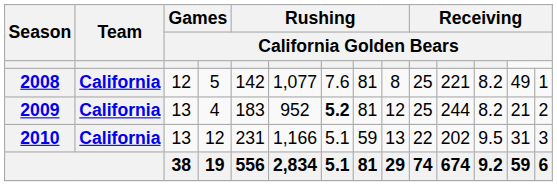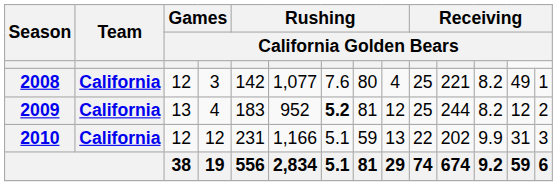 <table class="wikitable" style="text-align:center;">
 <tr>
 <th rowspan="2">Season</th>
 <th rowspan="2">Team</th>
 <th colspan="2">Games</th>
 <th colspan="5">Rushing</th>
 <th colspan="5">Receiving</th>
 </tr>
 <tr>
 <th colspan="16">California Golden Bears</th>
 </tr>
 <tr>
 <th></th>
 <th></th>
 <th></th>
 <th></th>
 <th></th>
 <th></th>
 <th></th>
 <th></th>
 <th></th>
 <th></th>
 <th></th>
 <th></th>
 </tr>
 <tr>
 <th><a href='#'>2008</a></th>
 <th><a href='#'>California</a></th>
 <td>12</td>
-<td>5</td>
+<td>3</td>
 <td>142</td>
 <td>1,077</td>
 <td>7.6</td>
-<td>81</td>
-<td>8</td>
+<td>80</td>
+<td>4</td>
 <td>25</td>
 <td>221</td>
 <td>8.2</td>
 <td>49</td>
 <td>1</td>
 </tr>
 <tr>
 <th><a href='#'>2009</a></th>
 <th><a href='#'>California</a></th>
 <td>13</td>
 <td>4</td>
 <td>183</td>
 <td>952</td>
 <td><strong>5.2</strong></td>
 <td>81</td>
 <td>12</td>
 <td>25</td>
 <td>244</td>
 <td>8.2</td>
-<td>21</td>
+<td>12</td>
 <td>2</td>
 </tr>
 <tr>
 <th><a href='#'>2010</a></th>
 <th><a href='#'>California</a></th>
-<td>13</td>
+<td>12</td>
 <td>12</td>
 <td>231</td>
 <td>1,166</td>
 <td>5.1</td>
 <td>59</td>
 <td>13</td>
 <td>22</td>
 <td>202</td>
-<td>9.5</td>
+<td>9.9</td>
 <td>31</td>
 <td>3</td>
 </tr>
 <tr>
 <th colspan="2"></th>
 <th>38</th>
 <th>19</th>
 <th>556</th>
 <th>2,834</th>
 <th>5.1</th>
 <th>81</th>
 <th>29</th>
 <th>74</th>
 <th>674</th>
 <th>9.2</th>
 <th>59</th>
 <th>6</th>
 </tr>
 <tr>
 </tr>
 </table>
